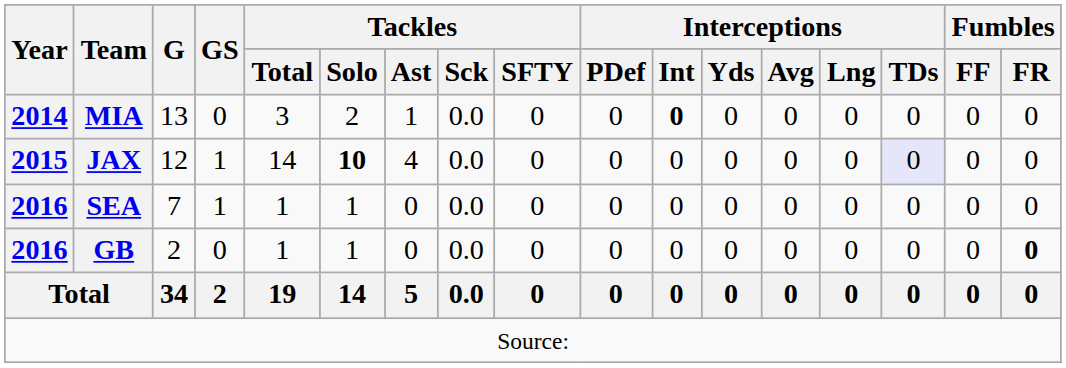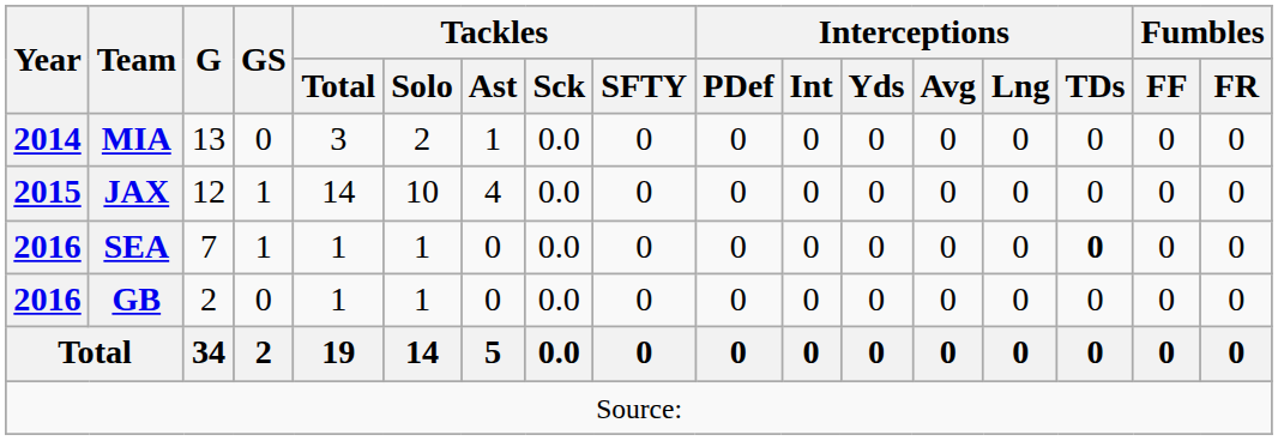 <table class="wikitable" style="text-align: center;">
 <tr>
 <th rowspan=2>Year</th>
 <th rowspan=2>Team</th>
 <th rowspan=2>G</th>
 <th rowspan=2>GS</th>
 <th colspan=5>Tackles</th>
 <th colspan=6>Interceptions</th>
 <th colspan=2>Fumbles</th>
 </tr>
 <tr>
 <th>Total</th>
 <th>Solo</th>
 <th>Ast</th>
 <th>Sck</th>
 <th>SFTY</th>
 <th>PDef</th>
 <th>Int</th>
 <th>Yds</th>
 <th>Avg</th>
 <th>Lng</th>
 <th>TDs</th>
 <th>FF</th>
 <th>FR</th>
 </tr>
 <tr>
 <th><a href='#'>2014</a></th>
 <th><a href='#'>MIA</a></th>
 <td>13</td>
 <td>0</td>
 <td>3</td>
 <td>2</td>
 <td>1</td>
 <td>0.0</td>
 <td>0</td>
 <td>0</td>
-<td><strong>0</strong></td>
+<td>0</td>
 <td>0</td>
 <td>0</td>
 <td>0</td>
 <td>0</td>
 <td>0</td>
 <td>0</td>
 </tr>
 <tr>
 <th><a href='#'>2015</a></th>
 <th><a href='#'>JAX</a></th>
 <td>12</td>
 <td>1</td>
 <td>14</td>
-<td><strong>10</strong></td>
+<td>10</td>
 <td>4</td>
 <td>0.0</td>
 <td>0</td>
 <td>0</td>
 <td>0</td>
 <td>0</td>
 <td>0</td>
 <td>0</td>
-<td style="background: lavender;">0</td>
+<td>0</td>
 <td>0</td>
 <td>0</td>
 </tr>
 <tr>
 <th><a href='#'>2016</a></th>
 <th><a href='#'>SEA</a></th>
 <td>7</td>
 <td>1</td>
 <td>1</td>
 <td>1</td>
 <td>0</td>
 <td>0.0</td>
 <td>0</td>
 <td>0</td>
 <td>0</td>
 <td>0</td>
 <td>0</td>
 <td>0</td>
-<td>0</td>
+<td><strong>0</strong></td>
 <td>0</td>
 <td>0</td>
 </tr>
 <tr>
 <th><a href='#'>2016</a></th>
 <th><a href='#'>GB</a></th>
 <td>2</td>
 <td>0</td>
 <td>1</td>
 <td>1</td>
 <td>0</td>
 <td>0.0</td>
 <td>0</td>
 <td>0</td>
 <td>0</td>
 <td>0</td>
 <td>0</td>
 <td>0</td>
 <td>0</td>
 <td>0</td>
-<td><strong>0</strong></td>
+<td>0</td>
 </tr>
 <tr>
 <th colspan="2">Total</th>
 <th>34</th>
 <th>2</th>
 <th>19</th>
 <th>14</th>
 <th>5</th>
 <th>0.0</th>
 <th>0</th>
 <th>0</th>
 <th>0</th>
 <th>0</th>
 <th>0</th>
 <th>0</th>
 <th>0</th>
 <th>0</th>
 <th>0</th>
 </tr>
 <tr>
 <td colspan="17"><small>Source: </small></td>
 </tr>
 </table>
